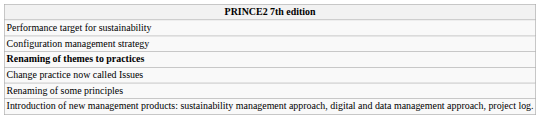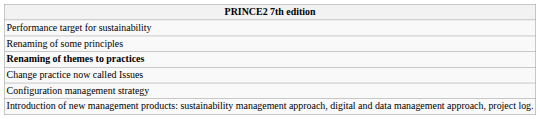 <table class="wikitable">
 <tr>
 <th>PRINCE2 7th edition</th>
 </tr>
 <tr>
 <td>Performance target for sustainability</td>
 </tr>
 <tr>
-<td>Configuration management strategy</td>
+<td>Renaming of some principles</td>
 </tr>
 <tr>
 <td><strong>Renaming of themes to practices</strong></td>
 </tr>
 <tr>
 <td>Change practice now called Issues</td>
 </tr>
 <tr>
-<td>Renaming of some principles</td>
+<td>Configuration management strategy</td>
 </tr>
 <tr>
 <td>Introduction of new management products: sustainability management approach, digital and data management approach, project log.</td>
 </tr>
 </table>
